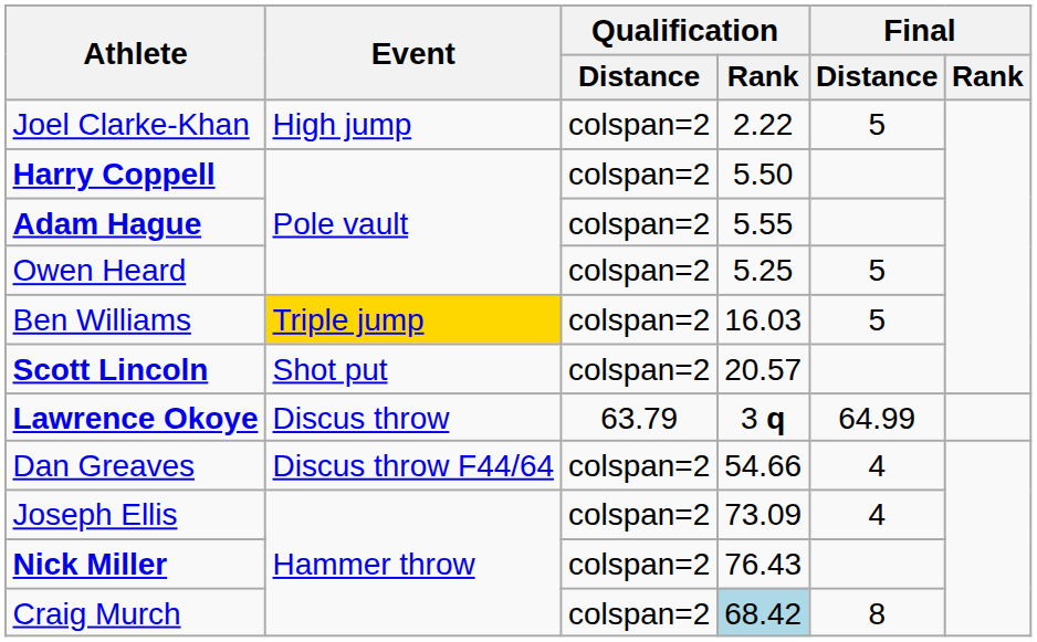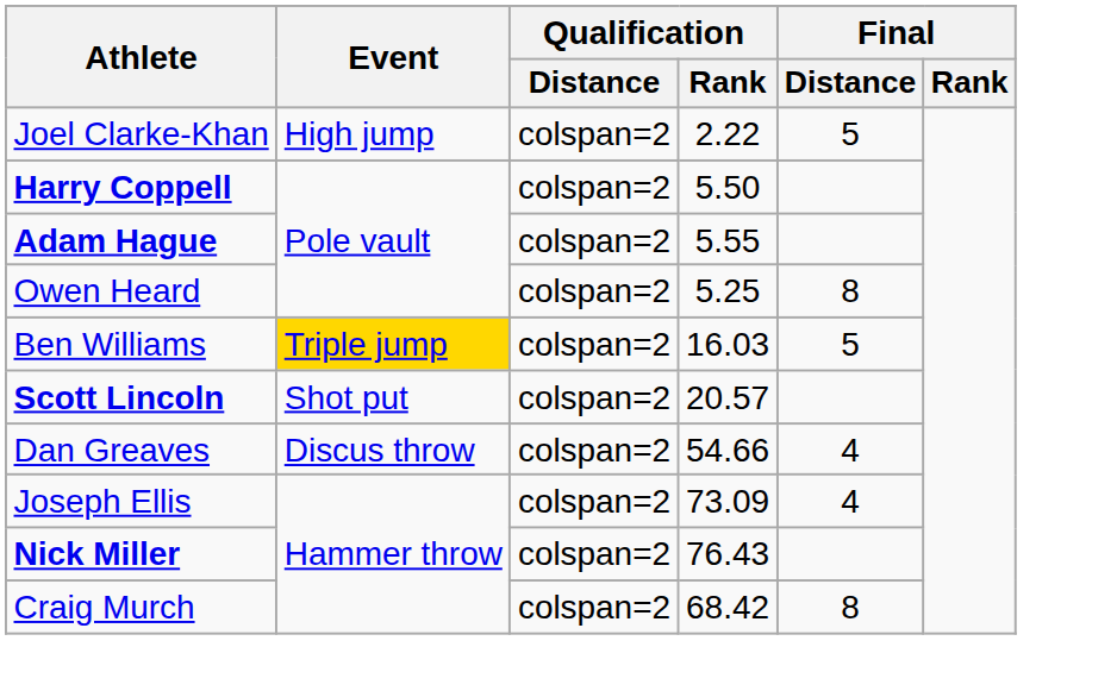 <table class="wikitable" style="font-size:90%; text-align:center">
 <tr>
 <th rowspan=2>Athlete</th>
 <th rowspan=2>Event</th>
 <th colspan=2>Qualification</th>
 <th colspan=2>Final</th>
 </tr>
 <tr style="font-size:95%">
 <th>Distance</th>
 <th>Rank</th>
 <th>Distance</th>
 <th>Rank</th>
 </tr>
 <tr>
 <td align=left><a href='#'>Joel Clarke-Khan</a></td>
 <td align=left><a href='#'>High jump</a></td>
 <td>colspan=2 </td>
 <td>2.22</td>
 <td>5</td>
 </tr>
 <tr>
 <td align=left><strong><a href='#'>Harry Coppell</a></strong></td>
 <td align=left rowspan=3><a href='#'>Pole vault</a></td>
 <td>colspan=2 </td>
 <td>5.50</td>
 <td></td>
 </tr>
 <tr>
 <td align=left><strong><a href='#'>Adam Hague</a></strong></td>
 <td>colspan=2 </td>
 <td>5.55</td>
 <td></td>
 </tr>
 <tr>
 <td align=left><a href='#'>Owen Heard</a></td>
 <td>colspan=2 </td>
 <td>5.25</td>
-<td>5</td>
+<td>8</td>
 </tr>
 <tr>
 <td align=left><a href='#'>Ben Williams</a></td>
 <td align=left style="background: gold;"><a href='#'>Triple jump</a></td>
 <td>colspan=2 </td>
 <td>16.03</td>
 <td>5</td>
 </tr>
 <tr>
 <td align=left><strong><a href='#'>Scott Lincoln</a></strong></td>
 <td align=left><a href='#'>Shot put</a></td>
 <td>colspan=2 </td>
 <td>20.57</td>
 <td></td>
 </tr>
 <tr>
-<td align=left><strong><a href='#'>Lawrence Okoye</a></strong></td>
+<td align=left><a href='#'>Dan Greaves</a></td>
 <td align=left><a href='#'>Discus throw</a></td>
-<td>63.79</td>
-<td>3 <strong>q</strong></td>
-<td>64.99</td>
-<td></td>
-</tr>
-<tr>
-<td align=left><a href='#'>Dan Greaves</a></td>
-<td align=left><a href='#'>Discus throw F44/64</a></td>
 <td>colspan=2 </td>
 <td>54.66</td>
 <td>4</td>
 </tr>
 <tr>
 <td align=left><a href='#'>Joseph Ellis</a></td>
 <td align=left rowspan=3><a href='#'>Hammer throw</a></td>
 <td>colspan=2 </td>
 <td>73.09</td>
 <td>4</td>
 </tr>
 <tr>
 <td align=left><strong><a href='#'>Nick Miller</a></strong></td>
 <td>colspan=2 </td>
 <td>76.43</td>
 <td></td>
 </tr>
 <tr>
 <td align=left><a href='#'>Craig Murch</a></td>
 <td>colspan=2 </td>
-<td style="background: lightblue;">68.42</td>
+<td>68.42</td>
 <td>8</td>
 </tr>
 </table>
